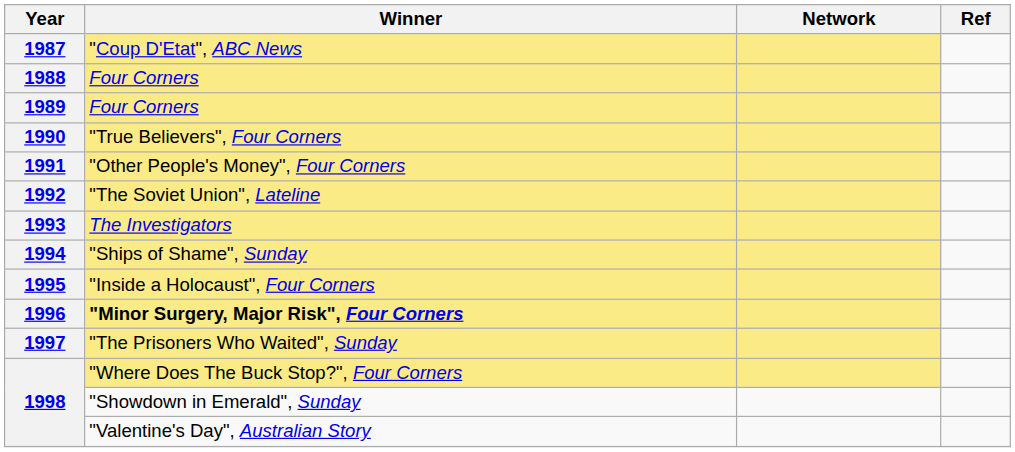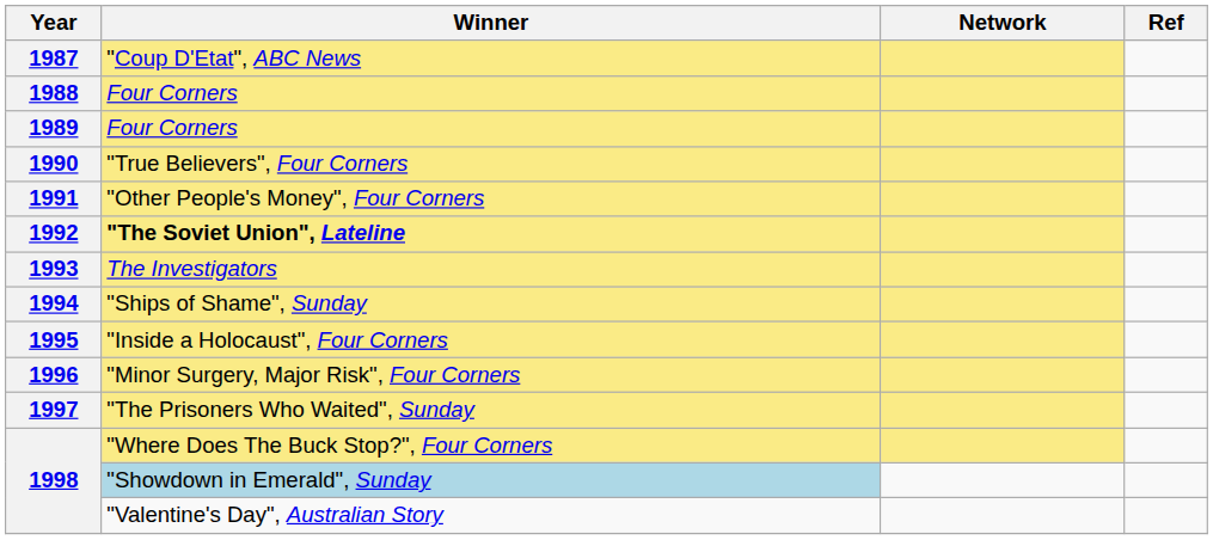 <table class="wikitable sortable">
 <tr style="background:#bebebe;">
 <th scope="col" style="width:1%;">Year</th>
 <th scope="col" style="width:16%;">Winner</th>
 <th scope="col" style="width:4%;">Network</th>
 <th scope="col" style="width:1%;" class="unsortable">Ref</th>
 </tr>
 <tr>
 <th scope="row" style="text-align:center"><a href='#'>1987</a></th>
 <td style="background:#FAEB86">"<a href='#'>Coup D'Etat</a>", <em><a href='#'>ABC News</a></em></td>
 <td style="background:#FAEB86"></td>
 <td></td>
 </tr>
 <tr>
 <th scope="row" style="text-align:center"><a href='#'>1988</a></th>
 <td style="background:#FAEB86"><em><a href='#'>Four Corners</a></em></td>
 <td style="background:#FAEB86"></td>
 <td></td>
 </tr>
 <tr>
 <th scope="row" style="text-align:center"><a href='#'>1989</a></th>
 <td style="background:#FAEB86"><em><a href='#'>Four Corners</a></em></td>
 <td style="background:#FAEB86"></td>
 <td></td>
 </tr>
 <tr>
 <th scope="row" style="text-align:center"><a href='#'>1990</a></th>
 <td style="background:#FAEB86">"True Believers", <em><a href='#'>Four Corners</a></em></td>
 <td style="background:#FAEB86"></td>
 <td></td>
 </tr>
 <tr>
 <th scope="row" style="text-align:center"><a href='#'>1991</a></th>
 <td style="background:#FAEB86">"Other People's Money", <em><a href='#'>Four Corners</a></em></td>
 <td style="background:#FAEB86"></td>
 <td></td>
 </tr>
 <tr>
 <th scope="row" style="text-align:center"><a href='#'>1992</a></th>
-<td style="background:#FAEB86">"The Soviet Union", <em><a href='#'>Lateline</a></em></td>
+<td style="background:#FAEB86"><strong>"The Soviet Union", <em><a href='#'>Lateline</a></em></strong></td>
 <td style="background:#FAEB86"></td>
 <td></td>
 </tr>
 <tr>
 <th scope="row" style="text-align:center"><a href='#'>1993</a></th>
 <td style="background:#FAEB86"><em><a href='#'>The Investigators</a></em></td>
 <td style="background:#FAEB86"></td>
 <td></td>
 </tr>
 <tr>
 <th scope="row" style="text-align:center"><a href='#'>1994</a></th>
 <td style="background:#FAEB86">"Ships of Shame", <em><a href='#'>Sunday</a></em></td>
 <td style="background:#FAEB86"></td>
 <td></td>
 </tr>
 <tr>
 <th scope="row" style="text-align:center"><a href='#'>1995</a></th>
 <td style="background:#FAEB86">"Inside a Holocaust", <em><a href='#'>Four Corners</a></em></td>
 <td style="background:#FAEB86"></td>
 <td></td>
 </tr>
 <tr>
 <th scope="row" style="text-align:center"><a href='#'>1996</a></th>
-<td style="background:#FAEB86"><strong>"Minor Surgery, Major Risk", <em><a href='#'>Four Corners</a></em></strong></td>
+<td style="background:#FAEB86">"Minor Surgery, Major Risk", <em><a href='#'>Four Corners</a></em></td>
 <td style="background:#FAEB86"></td>
 <td></td>
 </tr>
 <tr>
 <th scope="row" style="text-align:center"><a href='#'>1997</a></th>
 <td style="background:#FAEB86">"The Prisoners Who Waited", <em><a href='#'>Sunday</a></em></td>
 <td style="background:#FAEB86"></td>
 <td></td>
 </tr>
 <tr>
 <th scope="row" rowspan="3" style="text-align:center"><a href='#'>1998</a></th>
 <td style="background:#FAEB86">"Where Does The Buck Stop?", <em><a href='#'>Four Corners</a></em></td>
 <td style="background:#FAEB86"></td>
 <td></td>
 </tr>
 <tr>
-<td>"Showdown in Emerald", <em><a href='#'>Sunday</a></em></td>
+<td style="background: lightblue;">"Showdown in Emerald", <em><a href='#'>Sunday</a></em></td>
 <td></td>
 <td></td>
 </tr>
 <tr>
 <td>"Valentine's Day", <em><a href='#'>Australian Story</a></em></td>
 <td></td>
 <td></td>
 </tr>
 <tr>
 </tr>
 </table>
